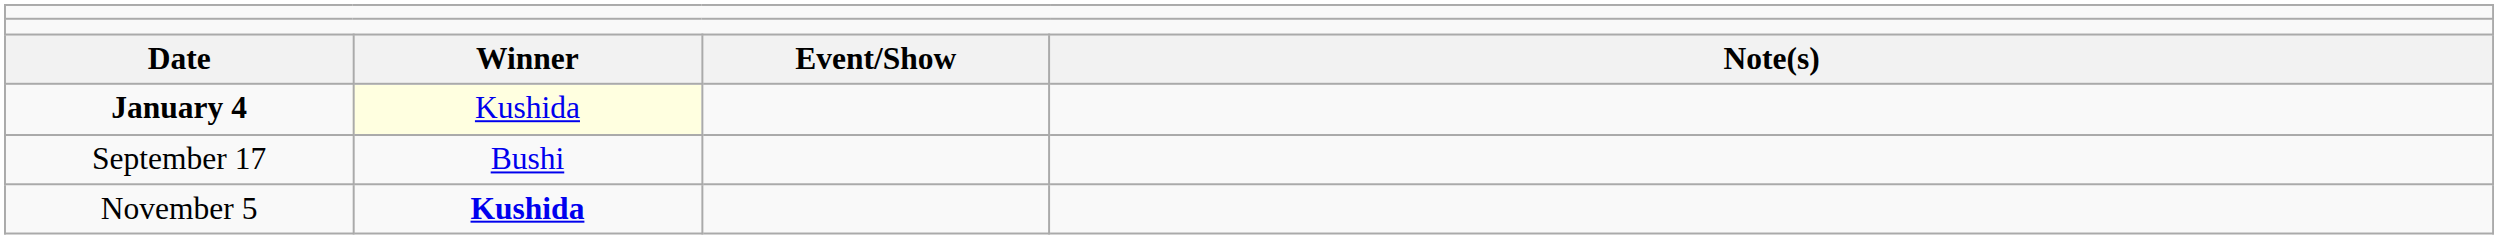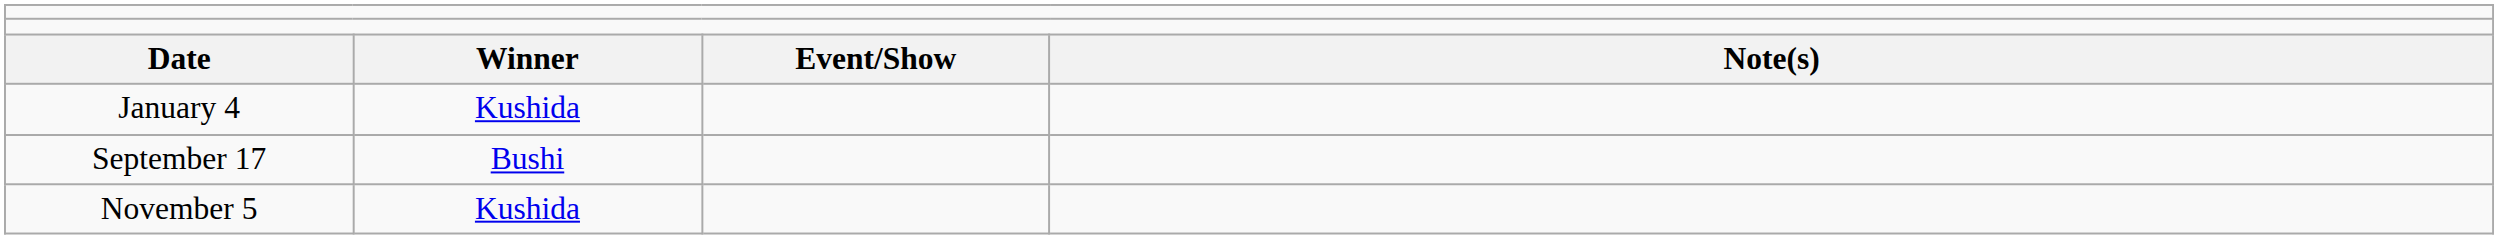 <table class="wikitable" style="text-align:center; width:100%;">
 <tr>
 <td colspan="5"></td>
 </tr>
 <tr>
 <td colspan="5"><strong></strong></td>
 </tr>
 <tr>
 <th width=14%>Date</th>
 <th width=14%>Winner</th>
 <th width=14%>Event/Show</th>
 <th width=58%>Note(s)</th>
 </tr>
 <tr>
-<td><strong>January 4</strong></td>
-<td style="background: lightyellow;"><a href='#'>Kushida</a></td>
+<td>January 4</td>
+<td><a href='#'>Kushida</a></td>
 <td></td>
 <td align=left></td>
 </tr>
 <tr>
 <td>September 17</td>
 <td><a href='#'>Bushi</a></td>
 <td></td>
 <td align=left></td>
 </tr>
 <tr>
 <td>November 5</td>
-<td><strong><a href='#'>Kushida</a></strong></td>
+<td><a href='#'>Kushida</a></td>
 <td></td>
 <td align=left></td>
 </tr>
 </table>
